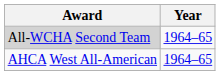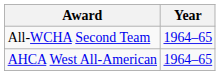 <table class="wikitable">
 <tr>
 <th>Award</th>
 <th>Year</th>
 </tr>
 <tr>
-<td style="background: lightgrey;">All-<a href='#'>WCHA</a> <a href='#'>Second Team</a></td>
+<td>All-<a href='#'>WCHA</a> <a href='#'>Second Team</a></td>
 <td><a href='#'>1964–65</a></td>
 </tr>
 <tr>
 <td><a href='#'>AHCA</a> <a href='#'>West All-American</a></td>
 <td><a href='#'>1964–65</a></td>
 </tr>
 </table>
